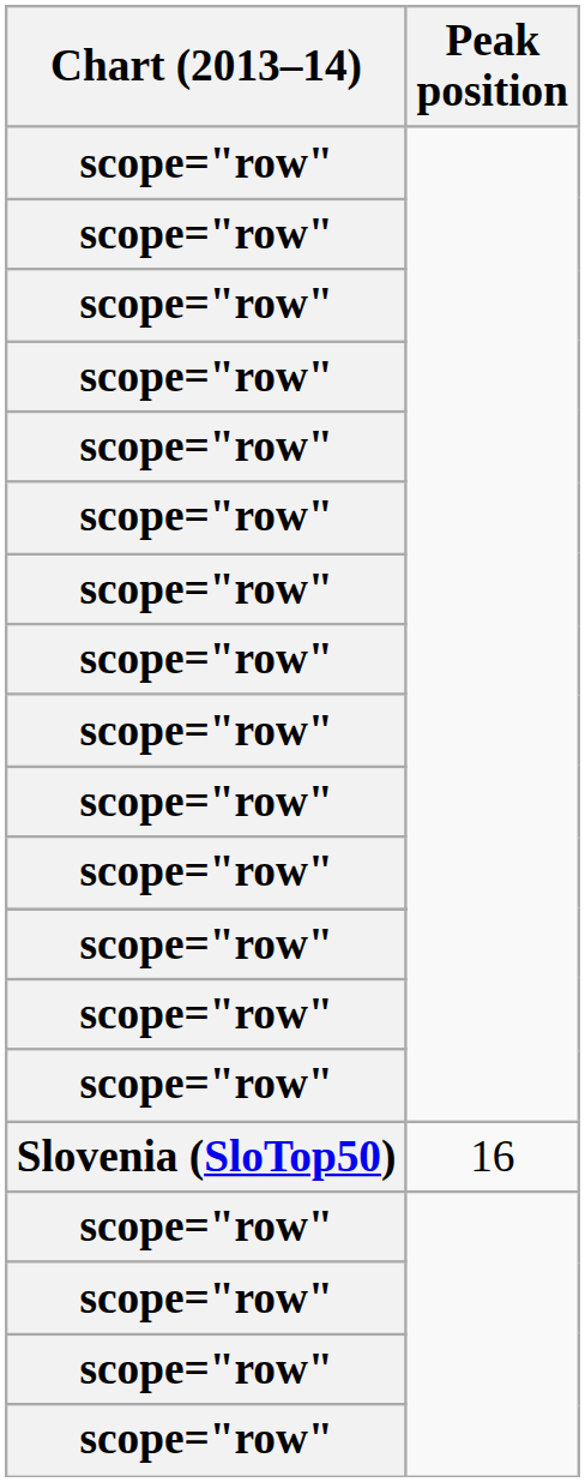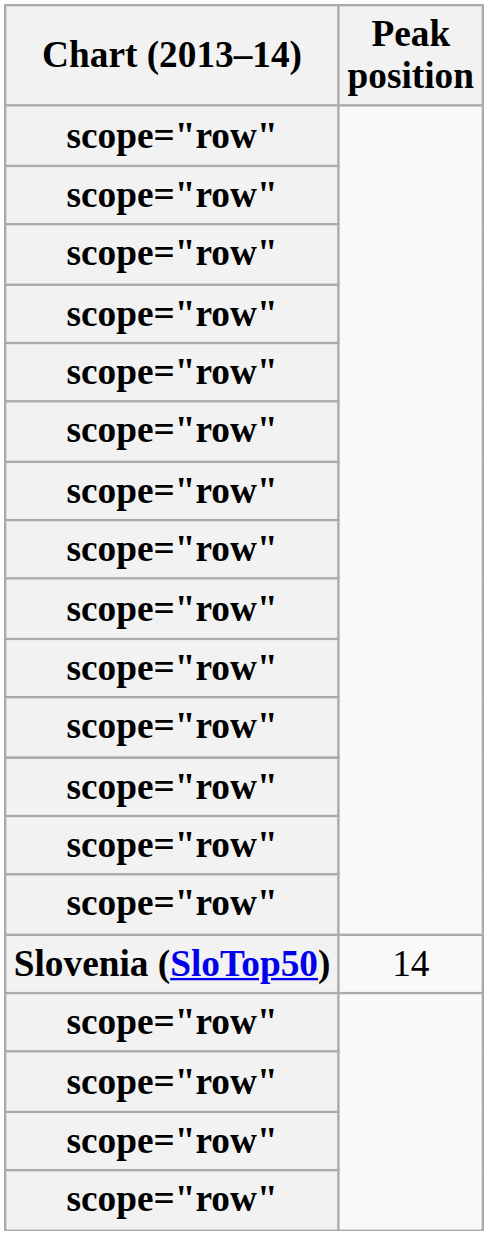 <table class="wikitable sortable plainrowheaders">
 <tr>
 <th scope="col">Chart (2013–14)</th>
 <th scope="col">Peak <br>position</th>
 </tr>
 <tr>
 <th>scope="row" </th>
 </tr>
 <tr>
 <th>scope="row" </th>
 </tr>
 <tr>
 <th>scope="row" </th>
 </tr>
 <tr>
 <th>scope="row" </th>
 </tr>
 <tr>
 <th>scope="row" </th>
 </tr>
 <tr>
 <th>scope="row" </th>
 </tr>
 <tr>
 <th>scope="row" </th>
 </tr>
 <tr>
 <th>scope="row" </th>
 </tr>
 <tr>
 <th>scope="row" </th>
 </tr>
 <tr>
 <th>scope="row" </th>
 </tr>
 <tr>
 <th>scope="row" </th>
 </tr>
 <tr>
 </tr>
 <tr>
 <th>scope="row" </th>
 </tr>
 <tr>
 <th>scope="row" </th>
 </tr>
 <tr>
 <th>scope="row" </th>
 </tr>
 <tr>
 <th scope="row">Slovenia (<a href='#'>SloTop50</a>)</th>
-<td align=center>16</td>
+<td align=center>14</td>
 </tr>
 <tr>
 <th>scope="row" </th>
 </tr>
 <tr>
 <th>scope="row" </th>
 </tr>
 <tr>
 <th>scope="row" </th>
 </tr>
 <tr>
 <th>scope="row" </th>
 </tr>
 </table>
